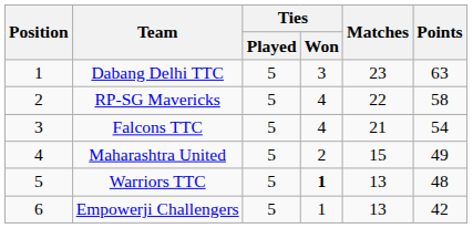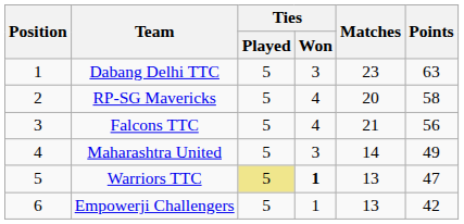 <table class="wikitable sortable" style="text-align:center;">
 <tr>
 <th rowspan=2>Position</th>
 <th rowspan=2>Team</th>
 <th colspan=2>Ties</th>
 <th rowspan=2>Matches</th>
 <th rowspan=2>Points</th>
 </tr>
 <tr>
 <th>Played</th>
 <th>Won</th>
 </tr>
 <tr>
 <td>1</td>
 <td><a href='#'>Dabang Delhi TTC</a></td>
 <td>5</td>
 <td>3</td>
 <td>23</td>
 <td>63</td>
 </tr>
 <tr>
 <td>2</td>
 <td><a href='#'>RP-SG Mavericks</a></td>
 <td>5</td>
 <td>4</td>
-<td>22</td>
+<td>20</td>
 <td>58</td>
 </tr>
 <tr>
 <td>3</td>
 <td><a href='#'>Falcons TTC</a></td>
 <td>5</td>
 <td>4</td>
 <td>21</td>
-<td>54</td>
+<td>56</td>
 </tr>
 <tr>
 <td>4</td>
 <td><a href='#'>Maharashtra United</a></td>
 <td>5</td>
-<td>2</td>
-<td>15</td>
+<td>3</td>
+<td>14</td>
 <td>49</td>
 </tr>
 <tr>
 <td>5</td>
 <td><a href='#'>Warriors TTC</a></td>
-<td>5</td>
+<td style="background: khaki;">5</td>
 <td><strong>1</strong></td>
 <td>13</td>
-<td>48</td>
+<td>47</td>
 </tr>
 <tr>
 <td>6</td>
 <td><a href='#'>Empowerji Challengers</a></td>
 <td>5</td>
 <td>1</td>
 <td>13</td>
 <td>42</td>
 </tr>
 </table>
